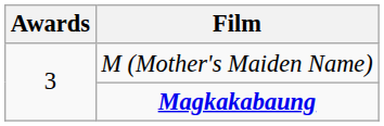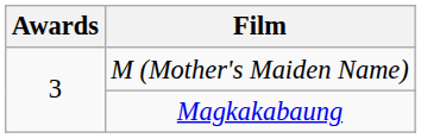 <table class="wikitable" style="text-align:center">
 <tr>
 <th scope="col">Awards</th>
 <th scope="col">Film</th>
 </tr>
 <tr>
 <td rowspan="2">3</td>
 <td><em>M (Mother's Maiden Name)</em></td>
 </tr>
 <tr>
-<td><strong><em><a href='#'>Magkakabaung</a></em></strong></td>
+<td><em><a href='#'>Magkakabaung</a></em></td>
 </tr>
 </table>
